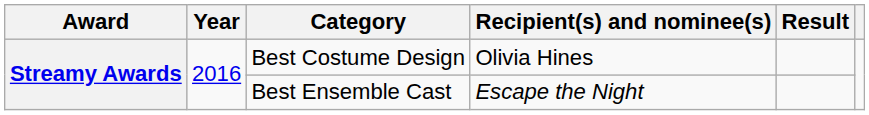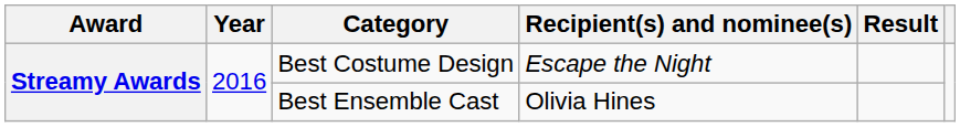 <table class="wikitable sortable plainrowheaders" style="width: 100%;">
 <tr>
 <th scope="col">Award</th>
 <th scope="col">Year</th>
 <th scope="col">Category</th>
 <th scope="col">Recipient(s) and nominee(s)</th>
 <th scope="col" style="width: 5%;">Result</th>
 <th scope="col" class="unsortable"></th>
 </tr>
 <tr>
 <th scope="row" rowspan="2" style="text-align: center;"><a href='#'>Streamy Awards</a></th>
 <td rowspan="2" style="text-align: center;"><a href='#'>2016</a></td>
 <td>Best Costume Design</td>
-<td>Olivia Hines</td>
+<td><em>Escape the Night</em></td>
 <td></td>
 <td rowspan="2" style="text-align: center;"></td>
 </tr>
 <tr>
 <td>Best Ensemble Cast</td>
-<td><em>Escape the Night</em></td>
+<td>Olivia Hines</td>
 <td></td>
 </tr>
 </table>
